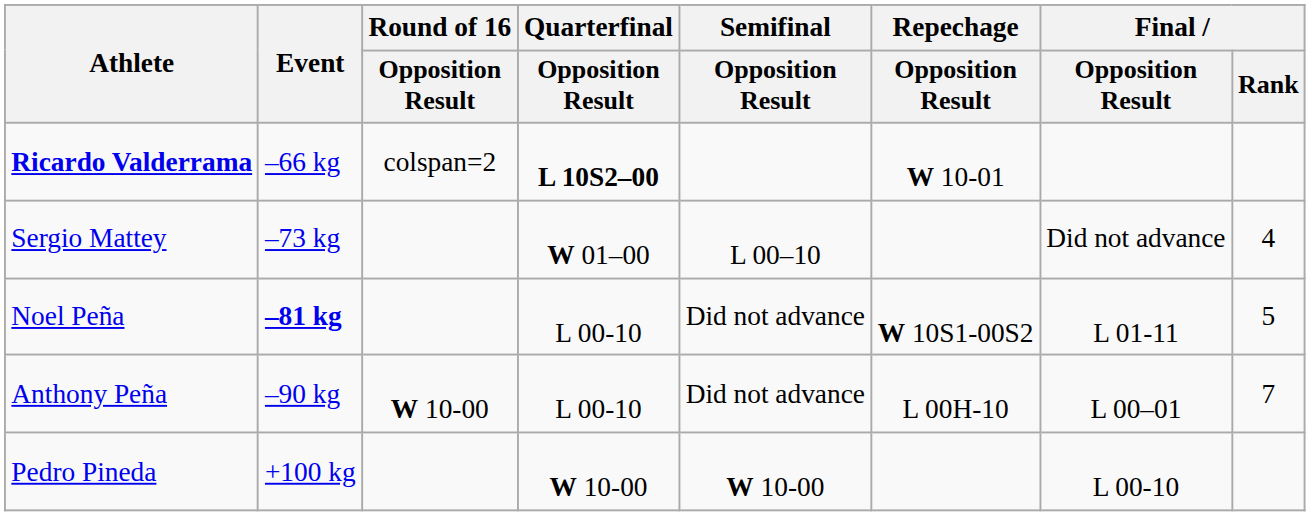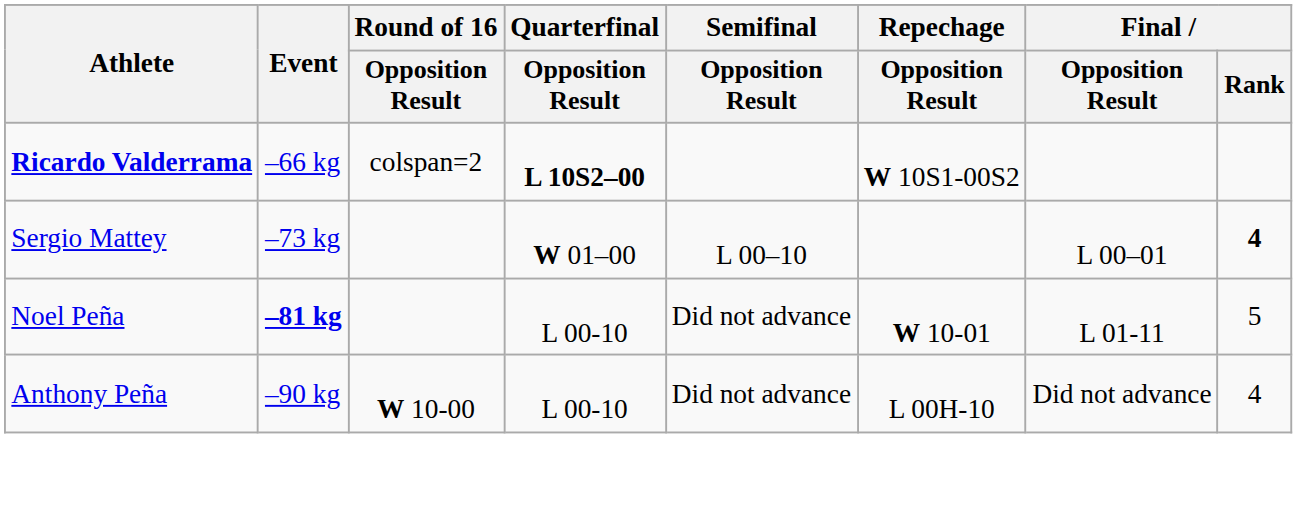 <table class=wikitable style=font-size:90%;text-align:center>
 <tr>
 <th rowspan=2>Athlete</th>
 <th rowspan=2>Event</th>
 <th>Round of 16</th>
 <th>Quarterfinal</th>
 <th>Semifinal</th>
 <th>Repechage</th>
 <th colspan=2>Final / </th>
 </tr>
 <tr style=font-size:95%>
 <th>Opposition<br>Result</th>
 <th>Opposition<br>Result</th>
 <th>Opposition<br>Result</th>
 <th>Opposition<br>Result</th>
 <th>Opposition<br>Result</th>
 <th>Rank</th>
 </tr>
 <tr>
 <td align=left><strong><a href='#'>Ricardo Valderrama</a></strong></td>
 <td align=left><a href='#'>–66 kg</a></td>
 <td>colspan=2 </td>
 <td><strong><br>L 10S2–00</strong></td>
 <td></td>
-<td><br><strong>W</strong> 10-01</td>
+<td><br><strong>W</strong> 10S1-00S2</td>
 <td></td>
 </tr>
 <tr>
 <td align=left><a href='#'>Sergio Mattey</a></td>
 <td align=left><a href='#'>–73 kg</a></td>
 <td></td>
 <td><br><strong>W</strong> 01–00</td>
 <td><br>L 00–10</td>
 <td></td>
-<td>Did not advance</td>
-<td>4</td>
+<td><br>L 00–01</td>
+<td><strong>4</strong></td>
 </tr>
 <tr>
 <td align=left><a href='#'>Noel Peña</a></td>
 <td align=left><strong><a href='#'>–81 kg</a></strong></td>
 <td></td>
 <td><br> L 00-10</td>
 <td>Did not advance</td>
-<td><br><strong>W</strong> 10S1-00S2</td>
+<td><br><strong>W</strong> 10-01</td>
 <td><br> L 01-11</td>
 <td>5</td>
 </tr>
 <tr>
 <td align=left><a href='#'>Anthony Peña</a></td>
 <td align=left><a href='#'>–90 kg</a></td>
 <td><br><strong>W</strong> 10-00</td>
 <td><br> L 00-10</td>
 <td>Did not advance</td>
 <td><br> L 00H-10</td>
-<td><br>L 00–01</td>
-<td>7</td>
-</tr>
-<tr>
-<td align=left><a href='#'>Pedro Pineda</a></td>
-<td align=left><a href='#'>+100 kg</a></td>
-<td></td>
-<td><br> <strong>W</strong> 10-00</td>
-<td><br> <strong>W</strong> 10-00</td>
-<td></td>
-<td><br> L 00-10</td>
-<td></td>
+<td>Did not advance</td>
+<td>4</td>
 </tr>
 </table>
